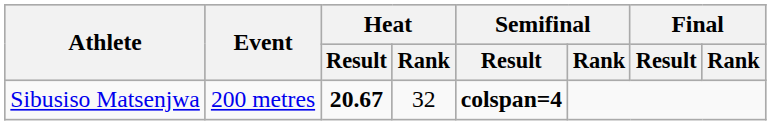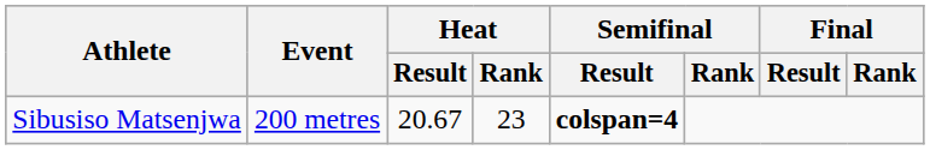 <table class="wikitable" style="font-size:90%">
 <tr>
 <th rowspan="2">Athlete</th>
 <th rowspan="2">Event</th>
 <th colspan="2">Heat</th>
 <th colspan="2">Semifinal</th>
 <th colspan="2">Final</th>
 </tr>
 <tr style="font-size:95%">
 <th>Result</th>
 <th>Rank</th>
 <th>Result</th>
 <th>Rank</th>
 <th>Result</th>
 <th>Rank</th>
 </tr>
 <tr style=text-align:center>
 <td style=text-align:left><a href='#'>Sibusiso Matsenjwa</a></td>
 <td style=text-align:left><a href='#'>200 metres</a></td>
-<td><strong>20.67</strong></td>
-<td>32</td>
+<td>20.67</td>
+<td>23</td>
 <td><strong>colspan=4 </strong></td>
 </tr>
 </table>
